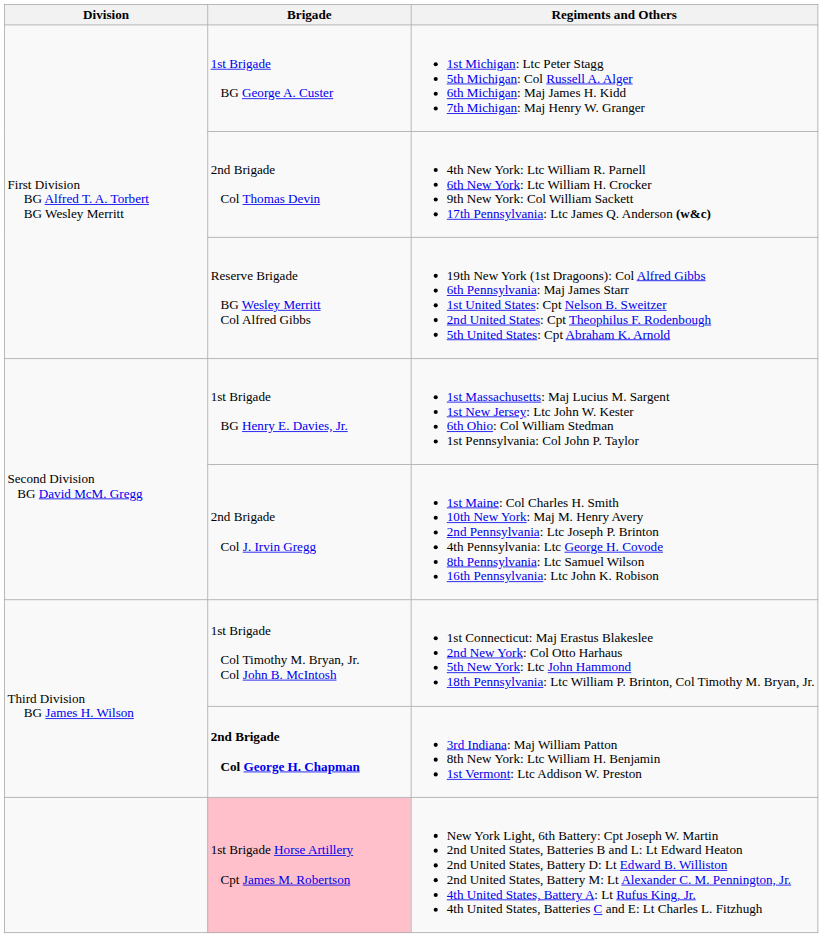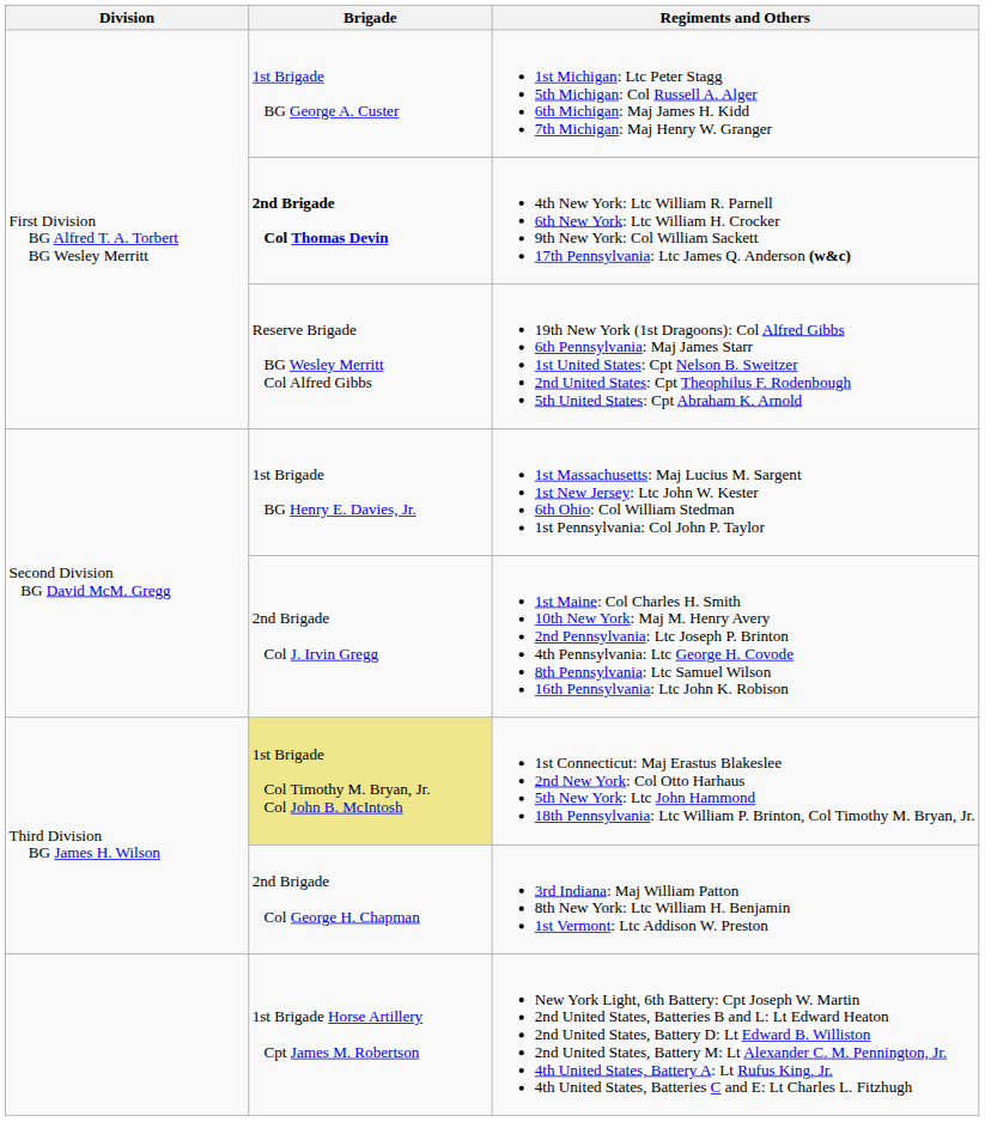 <table class="wikitable">
 <tr>
 <th width=25%>Division</th>
 <th width=25%>Brigade</th>
 <th>Regiments and Others</th>
 </tr>
 <tr>
 <td rowspan=3><br>First Division <br>     BG <a href='#'>Alfred T. A. Torbert</a> <br>     BG Wesley Merritt</td>
 <td><a href='#'>1st Brigade</a><br><br>   BG <a href='#'>George A. Custer</a></td>
 <td><br><ul><li><a href='#'>1st Michigan</a>: Ltc Peter Stagg</li><li><a href='#'>5th Michigan</a>: Col <a href='#'>Russell A. Alger</a></li><li><a href='#'>6th Michigan</a>: Maj James H. Kidd</li><li><a href='#'>7th Michigan</a>: Maj Henry W. Granger</li></ul></td>
 </tr>
 <tr>
-<td>2nd Brigade<br><br>   Col <a href='#'>Thomas Devin</a></td>
+<td><strong>2nd Brigade<br><br>   Col <a href='#'>Thomas Devin</a></strong></td>
 <td><br><ul><li>4th New York: Ltc William R. Parnell</li><li><a href='#'>6th New York</a>: Ltc William H. Crocker</li><li>9th New York: Col William Sackett</li><li><a href='#'>17th Pennsylvania</a>: Ltc James Q. Anderson <strong>(w&c)</strong></li></ul></td>
 </tr>
 <tr>
 <td>Reserve Brigade<br><br>   BG <a href='#'>Wesley Merritt</a> <br>   Col Alfred Gibbs</td>
 <td><br><ul><li>19th New York (1st Dragoons): Col <a href='#'>Alfred Gibbs</a></li><li><a href='#'>6th Pennsylvania</a>: Maj James Starr</li><li><a href='#'>1st United States</a>: Cpt <a href='#'>Nelson B. Sweitzer</a></li><li><a href='#'>2nd United States</a>: Cpt <a href='#'>Theophilus F. Rodenbough</a></li><li><a href='#'>5th United States</a>: Cpt <a href='#'>Abraham K. Arnold</a></li></ul></td>
 </tr>
 <tr>
 <td rowspan=2><br>Second Division <br>   BG <a href='#'>David McM. Gregg</a></td>
 <td>1st Brigade<br><br>   BG <a href='#'>Henry E. Davies, Jr.</a></td>
 <td><br><ul><li><a href='#'>1st Massachusetts</a>: Maj Lucius M. Sargent</li><li><a href='#'>1st New Jersey</a>: Ltc John W. Kester</li><li><a href='#'>6th Ohio</a>: Col William Stedman</li><li>1st Pennsylvania: Col John P. Taylor</li></ul></td>
 </tr>
 <tr>
 <td>2nd Brigade<br><br>   Col <a href='#'>J. Irvin Gregg</a></td>
 <td><br><ul><li><a href='#'>1st Maine</a>: Col Charles H. Smith</li><li><a href='#'>10th New York</a>: Maj M. Henry Avery</li><li><a href='#'>2nd Pennsylvania</a>: Ltc Joseph P. Brinton</li><li>4th Pennsylvania: Ltc <a href='#'>George H. Covode</a></li><li><a href='#'>8th Pennsylvania</a>: Ltc Samuel Wilson</li><li><a href='#'>16th Pennsylvania</a>: Ltc John K. Robison</li></ul></td>
 </tr>
 <tr>
 <td rowspan=2><br>Third Division <br>     BG <a href='#'>James H. Wilson</a></td>
-<td>1st Brigade<br><br>   Col Timothy M. Bryan, Jr. <br>   Col <a href='#'>John B. McIntosh</a></td>
+<td style="background: khaki;">1st Brigade<br><br>   Col Timothy M. Bryan, Jr. <br>   Col <a href='#'>John B. McIntosh</a></td>
 <td><br><ul><li>1st Connecticut: Maj Erastus Blakeslee</li><li><a href='#'>2nd New York</a>: Col Otto Harhaus</li><li><a href='#'>5th New York</a>: Ltc <a href='#'>John Hammond</a></li><li><a href='#'>18th Pennsylvania</a>: Ltc William P. Brinton, Col Timothy M. Bryan, Jr.</li></ul></td>
 </tr>
 <tr>
-<td><strong>2nd Brigade<br><br>   Col <a href='#'>George H. Chapman</a></strong></td>
+<td>2nd Brigade<br><br>   Col <a href='#'>George H. Chapman</a></td>
 <td><br><ul><li><a href='#'>3rd Indiana</a>: Maj William Patton</li><li>8th New York: Ltc William H. Benjamin</li><li><a href='#'>1st Vermont</a>: Ltc Addison W. Preston</li></ul></td>
 </tr>
 <tr>
 <td></td>
-<td style="background: pink;">1st Brigade <a href='#'>Horse Artillery</a><br><br>   Cpt <a href='#'>James M. Robertson</a></td>
+<td>1st Brigade <a href='#'>Horse Artillery</a><br><br>   Cpt <a href='#'>James M. Robertson</a></td>
 <td><br><ul><li>New York Light, 6th Battery: Cpt Joseph W. Martin</li><li>2nd United States, Batteries B and L: Lt Edward Heaton</li><li>2nd United States, Battery D: Lt <a href='#'>Edward B. Williston</a></li><li>2nd United States, Battery M: Lt <a href='#'>Alexander C. M. Pennington, Jr.</a></li><li><a href='#'>4th United States, Battery A</a>: Lt <a href='#'>Rufus King, Jr.</a></li><li>4th United States, Batteries <a href='#'>C</a> and E: Lt Charles L. Fitzhugh</li></ul></td>
 </tr>
 </table>
